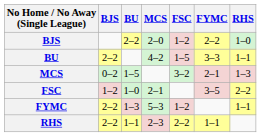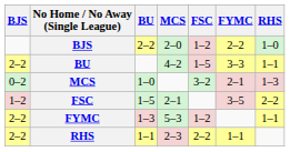 <table class=wikitable style="text-align:center">
 <tr>
+<th><a href='#'>BJS</a></th>
 <th><strong>No Home / No Away <br> (Single League)</strong></th>
-<th><a href='#'>BJS</a></th>
 <th><a href='#'>BU</a></th>
 <th><a href='#'>MCS</a></th>
 <th><a href='#'>FSC</a></th>
 <th><a href='#'>FYMC</a></th>
 <th><a href='#'>RHS</a></th>
 </tr>
 <tr>
+<td></td>
 <th><a href='#'>BJS</a></th>
-<td></td>
 <td style="background-color:#ffff99">2–2</td>
 <td style="background-color:#d4f4d4">2–0</td>
 <td style="background-color:#f4d4d4">1–2</td>
 <td style="background-color:#ffff99">2–2</td>
 <td style="background-color:#d4f4d4">1–0</td>
 </tr>
 <tr>
+<td style="background-color:#ffff99">2–2</td>
 <th><a href='#'>BU</a></th>
-<td style="background-color:#ffff99">2–2</td>
 <td></td>
 <td style="background-color:#d4f4d4">4–2</td>
 <td style="background-color:#f4d4d4">1–5</td>
 <td style="background-color:#ffff99">3–3</td>
 <td style="background-color:#ffff99">1–1</td>
 </tr>
 <tr>
+<td style="background-color:#d4f4d4">0–2</td>
 <th><a href='#'>MCS</a></th>
-<td style="background-color:#d4f4d4">0–2</td>
-<td style="background-color:#d4f4d4">1–5</td>
+<td style="background-color:#d4f4d4">1–0</td>
 <td></td>
 <td style="background-color:#d4f4d4">3–2</td>
 <td style="background-color:#f4d4d4">2–1</td>
 <td style="background-color:#f4d4d4">1–3</td>
 </tr>
 <tr>
+<td style="background-color:#f4d4d4">1–2</td>
 <th><a href='#'>FSC</a></th>
-<td style="background-color:#f4d4d4">1–2</td>
-<td style="background-color:#d4f4d4">1–0</td>
+<td style="background-color:#d4f4d4">1–5</td>
 <td style="background-color:#d4f4d4">2–1</td>
 <td></td>
 <td style="background-color:#f4d4d4">3–5</td>
 <td style="background-color:#ffff99">2–2</td>
 </tr>
 <tr>
+<td style="background-color:#ffff99">2–2</td>
 <th><a href='#'>FYMC</a></th>
-<td style="background-color:#ffff99">2–2</td>
 <td style="background-color:#f4d4d4">1–3</td>
 <td style="background-color:#d4f4d4">5–3</td>
 <td style="background-color:#f4d4d4">1–2</td>
 <td></td>
 <td style="background-color:#ffff99">1–1</td>
 </tr>
 <tr>
+<td style="background-color:#ffff99">2–2</td>
 <th><a href='#'>RHS</a></th>
-<td style="background-color:#ffff99">2–2</td>
 <td style="background-color:#ffff99">1–1</td>
 <td style="background-color:#f4d4d4">2–3</td>
 <td style="background-color:#ffff99">2–2</td>
 <td style="background-color:#ffff99">1–1</td>
 <td></td>
 </tr>
 </table>
